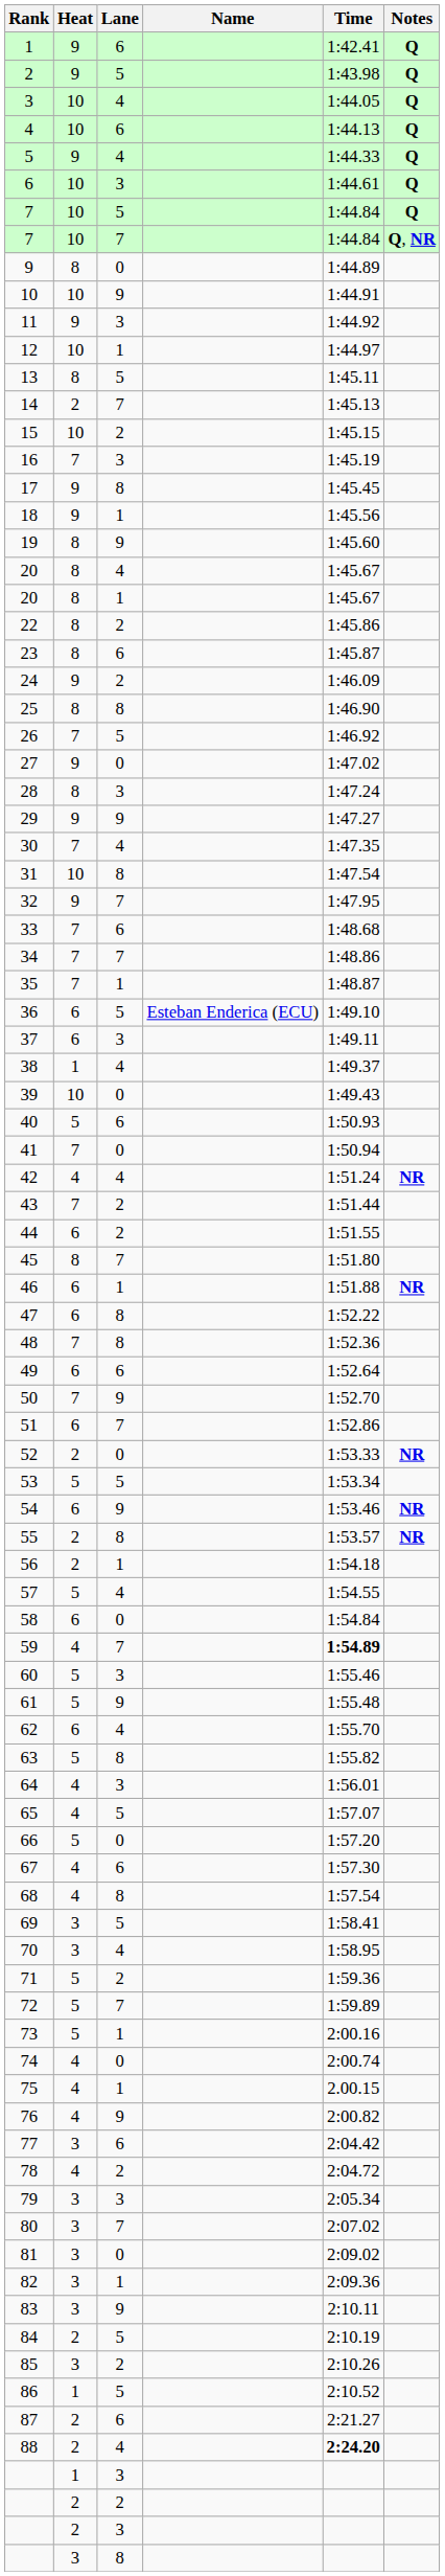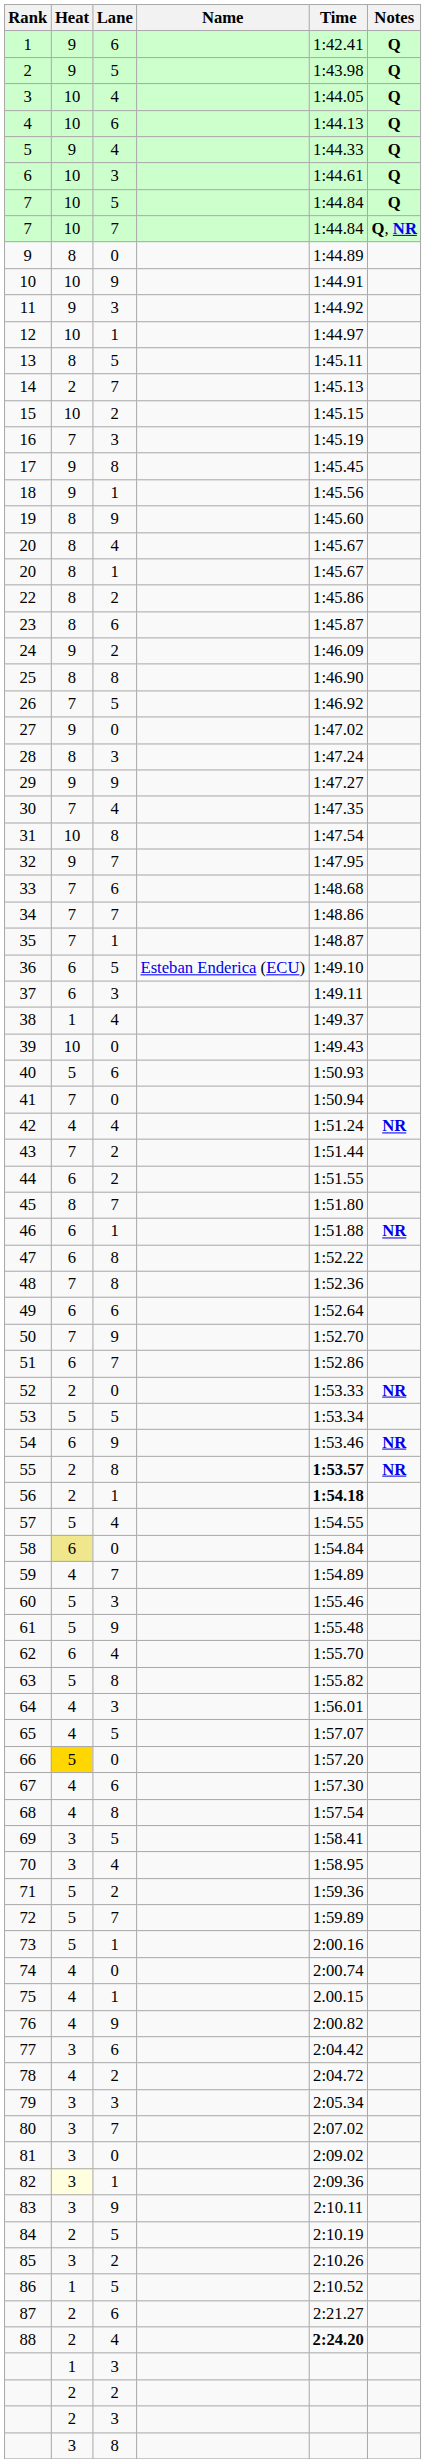 <table class="wikitable sortable" style="text-align:center">
 <tr>
 <th>Rank</th>
 <th>Heat</th>
 <th>Lane</th>
 <th>Name</th>
 <th>Time</th>
 <th>Notes</th>
 </tr>
 <tr bgcolor=ccffcc>
 <td>1</td>
 <td>9</td>
 <td>6</td>
 <td align=left></td>
 <td>1:42.41</td>
 <td><strong>Q</strong></td>
 </tr>
 <tr bgcolor=ccffcc>
 <td>2</td>
 <td>9</td>
 <td>5</td>
 <td align=left></td>
 <td>1:43.98</td>
 <td><strong>Q</strong></td>
 </tr>
 <tr bgcolor=ccffcc>
 <td>3</td>
 <td>10</td>
 <td>4</td>
 <td align=left></td>
 <td>1:44.05</td>
 <td><strong>Q</strong></td>
 </tr>
 <tr bgcolor=ccffcc>
 <td>4</td>
 <td>10</td>
 <td>6</td>
 <td align=left></td>
 <td>1:44.13</td>
 <td><strong>Q</strong></td>
 </tr>
 <tr bgcolor=ccffcc>
 <td>5</td>
 <td>9</td>
 <td>4</td>
 <td align=left></td>
 <td>1:44.33</td>
 <td><strong>Q</strong></td>
 </tr>
 <tr bgcolor=ccffcc>
 <td>6</td>
 <td>10</td>
 <td>3</td>
 <td align=left></td>
 <td>1:44.61</td>
 <td><strong>Q</strong></td>
 </tr>
 <tr bgcolor=ccffcc>
 <td>7</td>
 <td>10</td>
 <td>5</td>
 <td align=left></td>
 <td>1:44.84</td>
 <td><strong>Q</strong></td>
 </tr>
 <tr bgcolor=ccffcc>
 <td>7</td>
 <td>10</td>
 <td>7</td>
 <td align=left></td>
 <td>1:44.84</td>
 <td><strong>Q</strong>, <strong><a href='#'>NR</a></strong></td>
 </tr>
 <tr>
 <td>9</td>
 <td>8</td>
 <td>0</td>
 <td align=left></td>
 <td>1:44.89</td>
 <td></td>
 </tr>
 <tr>
 <td>10</td>
 <td>10</td>
 <td>9</td>
 <td align=left></td>
 <td>1:44.91</td>
 <td></td>
 </tr>
 <tr>
 <td>11</td>
 <td>9</td>
 <td>3</td>
 <td align=left></td>
 <td>1:44.92</td>
 <td></td>
 </tr>
 <tr>
 <td>12</td>
 <td>10</td>
 <td>1</td>
 <td align=left></td>
 <td>1:44.97</td>
 <td></td>
 </tr>
 <tr>
 <td>13</td>
 <td>8</td>
 <td>5</td>
 <td align=left></td>
 <td>1:45.11</td>
 <td></td>
 </tr>
 <tr>
 <td>14</td>
 <td>2</td>
 <td>7</td>
 <td align=left></td>
 <td>1:45.13</td>
 <td></td>
 </tr>
 <tr>
 <td>15</td>
 <td>10</td>
 <td>2</td>
 <td align=left></td>
 <td>1:45.15</td>
 <td></td>
 </tr>
 <tr>
 <td>16</td>
 <td>7</td>
 <td>3</td>
 <td align=left></td>
 <td>1:45.19</td>
 <td></td>
 </tr>
 <tr>
 <td>17</td>
 <td>9</td>
 <td>8</td>
 <td align=left></td>
 <td>1:45.45</td>
 <td></td>
 </tr>
 <tr>
 <td>18</td>
 <td>9</td>
 <td>1</td>
 <td align=left></td>
 <td>1:45.56</td>
 <td></td>
 </tr>
 <tr>
 <td>19</td>
 <td>8</td>
 <td>9</td>
 <td align=left></td>
 <td>1:45.60</td>
 <td></td>
 </tr>
 <tr>
 <td>20</td>
 <td>8</td>
 <td>4</td>
 <td align=left></td>
 <td>1:45.67</td>
 <td></td>
 </tr>
 <tr>
 <td>20</td>
 <td>8</td>
 <td>1</td>
 <td align=left></td>
 <td>1:45.67</td>
 <td></td>
 </tr>
 <tr>
 <td>22</td>
 <td>8</td>
 <td>2</td>
 <td align=left></td>
 <td>1:45.86</td>
 <td></td>
 </tr>
 <tr>
 <td>23</td>
 <td>8</td>
 <td>6</td>
 <td align=left></td>
 <td>1:45.87</td>
 <td></td>
 </tr>
 <tr>
 <td>24</td>
 <td>9</td>
 <td>2</td>
 <td align=left></td>
 <td>1:46.09</td>
 <td></td>
 </tr>
 <tr>
 <td>25</td>
 <td>8</td>
 <td>8</td>
 <td align=left></td>
 <td>1:46.90</td>
 <td></td>
 </tr>
 <tr>
 <td>26</td>
 <td>7</td>
 <td>5</td>
 <td align=left></td>
 <td>1:46.92</td>
 <td></td>
 </tr>
 <tr>
 <td>27</td>
 <td>9</td>
 <td>0</td>
 <td align=left></td>
 <td>1:47.02</td>
 <td></td>
 </tr>
 <tr>
 <td>28</td>
 <td>8</td>
 <td>3</td>
 <td align=left></td>
 <td>1:47.24</td>
 <td></td>
 </tr>
 <tr>
 <td>29</td>
 <td>9</td>
 <td>9</td>
 <td align=left></td>
 <td>1:47.27</td>
 <td></td>
 </tr>
 <tr>
 <td>30</td>
 <td>7</td>
 <td>4</td>
 <td align=left></td>
 <td>1:47.35</td>
 <td></td>
 </tr>
 <tr>
 <td>31</td>
 <td>10</td>
 <td>8</td>
 <td align=left></td>
 <td>1:47.54</td>
 <td></td>
 </tr>
 <tr>
 <td>32</td>
 <td>9</td>
 <td>7</td>
 <td align=left></td>
 <td>1:47.95</td>
 <td></td>
 </tr>
 <tr>
 <td>33</td>
 <td>7</td>
 <td>6</td>
 <td align=left></td>
 <td>1:48.68</td>
 <td></td>
 </tr>
 <tr>
 <td>34</td>
 <td>7</td>
 <td>7</td>
 <td align=left></td>
 <td>1:48.86</td>
 <td></td>
 </tr>
 <tr>
 <td>35</td>
 <td>7</td>
 <td>1</td>
 <td align=left></td>
 <td>1:48.87</td>
 <td></td>
 </tr>
 <tr>
 <td>36</td>
 <td>6</td>
 <td>5</td>
 <td align=left> <a href='#'>Esteban Enderica</a> (<a href='#'>ECU</a>)</td>
 <td>1:49.10</td>
 <td></td>
 </tr>
 <tr>
 <td>37</td>
 <td>6</td>
 <td>3</td>
 <td align=left></td>
 <td>1:49.11</td>
 <td></td>
 </tr>
 <tr>
 <td>38</td>
 <td>1</td>
 <td>4</td>
 <td align=left></td>
 <td>1:49.37</td>
 <td></td>
 </tr>
 <tr>
 <td>39</td>
 <td>10</td>
 <td>0</td>
 <td align=left></td>
 <td>1:49.43</td>
 <td></td>
 </tr>
 <tr>
 <td>40</td>
 <td>5</td>
 <td>6</td>
 <td align=left></td>
 <td>1:50.93</td>
 <td></td>
 </tr>
 <tr>
 <td>41</td>
 <td>7</td>
 <td>0</td>
 <td align=left></td>
 <td>1:50.94</td>
 <td></td>
 </tr>
 <tr>
 <td>42</td>
 <td>4</td>
 <td>4</td>
 <td align=left></td>
 <td>1:51.24</td>
 <td><strong><a href='#'>NR</a></strong></td>
 </tr>
 <tr>
 <td>43</td>
 <td>7</td>
 <td>2</td>
 <td align=left></td>
 <td>1:51.44</td>
 <td></td>
 </tr>
 <tr>
 <td>44</td>
 <td>6</td>
 <td>2</td>
 <td align=left></td>
 <td>1:51.55</td>
 <td></td>
 </tr>
 <tr>
 <td>45</td>
 <td>8</td>
 <td>7</td>
 <td align=left></td>
 <td>1:51.80</td>
 <td></td>
 </tr>
 <tr>
 <td>46</td>
 <td>6</td>
 <td>1</td>
 <td align=left></td>
 <td>1:51.88</td>
 <td><strong><a href='#'>NR</a></strong></td>
 </tr>
 <tr>
 <td>47</td>
 <td>6</td>
 <td>8</td>
 <td align=left></td>
 <td>1:52.22</td>
 <td></td>
 </tr>
 <tr>
 <td>48</td>
 <td>7</td>
 <td>8</td>
 <td align=left></td>
 <td>1:52.36</td>
 <td></td>
 </tr>
 <tr>
 <td>49</td>
 <td>6</td>
 <td>6</td>
 <td align=left></td>
 <td>1:52.64</td>
 <td></td>
 </tr>
 <tr>
 <td>50</td>
 <td>7</td>
 <td>9</td>
 <td align=left></td>
 <td>1:52.70</td>
 <td></td>
 </tr>
 <tr>
 <td>51</td>
 <td>6</td>
 <td>7</td>
 <td align=left></td>
 <td>1:52.86</td>
 <td></td>
 </tr>
 <tr>
 <td>52</td>
 <td>2</td>
 <td>0</td>
 <td align=left></td>
 <td>1:53.33</td>
 <td><strong><a href='#'>NR</a></strong></td>
 </tr>
 <tr>
 <td>53</td>
 <td>5</td>
 <td>5</td>
 <td align=left></td>
 <td>1:53.34</td>
 <td></td>
 </tr>
 <tr>
 <td>54</td>
 <td>6</td>
 <td>9</td>
 <td align=left></td>
 <td>1:53.46</td>
 <td><strong><a href='#'>NR</a></strong></td>
 </tr>
 <tr>
 <td>55</td>
 <td>2</td>
 <td>8</td>
 <td align=left></td>
-<td>1:53.57</td>
+<td><strong>1:53.57</strong></td>
 <td><strong><a href='#'>NR</a></strong></td>
 </tr>
 <tr>
 <td>56</td>
 <td>2</td>
 <td>1</td>
 <td align=left></td>
-<td>1:54.18</td>
+<td><strong>1:54.18</strong></td>
 <td></td>
 </tr>
 <tr>
 <td>57</td>
 <td>5</td>
 <td>4</td>
 <td align=left></td>
 <td>1:54.55</td>
 <td></td>
 </tr>
 <tr>
 <td>58</td>
-<td>6</td>
+<td style="background: khaki;">6</td>
 <td>0</td>
 <td align=left></td>
 <td>1:54.84</td>
 <td></td>
 </tr>
 <tr>
 <td>59</td>
 <td>4</td>
 <td>7</td>
 <td align=left></td>
-<td><strong>1:54.89</strong></td>
+<td>1:54.89</td>
 <td></td>
 </tr>
 <tr>
 <td>60</td>
 <td>5</td>
 <td>3</td>
 <td align=left></td>
 <td>1:55.46</td>
 <td></td>
 </tr>
 <tr>
 <td>61</td>
 <td>5</td>
 <td>9</td>
 <td align=left></td>
 <td>1:55.48</td>
 <td></td>
 </tr>
 <tr>
 <td>62</td>
 <td>6</td>
 <td>4</td>
 <td align=left></td>
 <td>1:55.70</td>
 <td></td>
 </tr>
 <tr>
 <td>63</td>
 <td>5</td>
 <td>8</td>
 <td align=left></td>
 <td>1:55.82</td>
 <td></td>
 </tr>
 <tr>
 <td>64</td>
 <td>4</td>
 <td>3</td>
 <td align=left></td>
 <td>1:56.01</td>
 <td></td>
 </tr>
 <tr>
 <td>65</td>
 <td>4</td>
 <td>5</td>
 <td align=left></td>
 <td>1:57.07</td>
 <td></td>
 </tr>
 <tr>
 <td>66</td>
-<td>5</td>
+<td style="background: gold;">5</td>
 <td>0</td>
 <td align=left></td>
 <td>1:57.20</td>
 <td></td>
 </tr>
 <tr>
 <td>67</td>
 <td>4</td>
 <td>6</td>
 <td align=left></td>
 <td>1:57.30</td>
 <td></td>
 </tr>
 <tr>
 <td>68</td>
 <td>4</td>
 <td>8</td>
 <td align=left></td>
 <td>1:57.54</td>
 <td></td>
 </tr>
 <tr>
 <td>69</td>
 <td>3</td>
 <td>5</td>
 <td align=left></td>
 <td>1:58.41</td>
 <td></td>
 </tr>
 <tr>
 <td>70</td>
 <td>3</td>
 <td>4</td>
 <td align=left></td>
 <td>1:58.95</td>
 <td></td>
 </tr>
 <tr>
 <td>71</td>
 <td>5</td>
 <td>2</td>
 <td align=left></td>
 <td>1:59.36</td>
 <td></td>
 </tr>
 <tr>
 <td>72</td>
 <td>5</td>
 <td>7</td>
 <td align=left></td>
 <td>1:59.89</td>
 <td></td>
 </tr>
 <tr>
 <td>73</td>
 <td>5</td>
 <td>1</td>
 <td align=left></td>
 <td>2:00.16</td>
 <td></td>
 </tr>
 <tr>
 <td>74</td>
 <td>4</td>
 <td>0</td>
 <td align=left></td>
 <td>2:00.74</td>
 <td></td>
 </tr>
 <tr>
 <td>75</td>
 <td>4</td>
 <td>1</td>
 <td align=left></td>
 <td>2.00.15</td>
 <td></td>
 </tr>
 <tr>
 <td>76</td>
 <td>4</td>
 <td>9</td>
 <td align=left></td>
 <td>2:00.82</td>
 <td></td>
 </tr>
 <tr>
 <td>77</td>
 <td>3</td>
 <td>6</td>
 <td align=left></td>
 <td>2:04.42</td>
 <td></td>
 </tr>
 <tr>
 <td>78</td>
 <td>4</td>
 <td>2</td>
 <td align=left></td>
 <td>2:04.72</td>
 <td></td>
 </tr>
 <tr>
 <td>79</td>
 <td>3</td>
 <td>3</td>
 <td align=left></td>
 <td>2:05.34</td>
 <td></td>
 </tr>
 <tr>
 <td>80</td>
 <td>3</td>
 <td>7</td>
 <td align=left></td>
 <td>2:07.02</td>
 <td></td>
 </tr>
 <tr>
 <td>81</td>
 <td>3</td>
 <td>0</td>
 <td align=left></td>
 <td>2:09.02</td>
 <td></td>
 </tr>
 <tr>
 <td>82</td>
-<td>3</td>
+<td style="background: lightyellow;">3</td>
 <td>1</td>
 <td align=left></td>
 <td>2:09.36</td>
 <td></td>
 </tr>
 <tr>
 <td>83</td>
 <td>3</td>
 <td>9</td>
 <td align=left></td>
 <td>2:10.11</td>
 <td></td>
 </tr>
 <tr>
 <td>84</td>
 <td>2</td>
 <td>5</td>
 <td align=left></td>
 <td>2:10.19</td>
 <td></td>
 </tr>
 <tr>
 <td>85</td>
 <td>3</td>
 <td>2</td>
 <td align=left></td>
 <td>2:10.26</td>
 <td></td>
 </tr>
 <tr>
 <td>86</td>
 <td>1</td>
 <td>5</td>
 <td align=left></td>
 <td>2:10.52</td>
 <td></td>
 </tr>
 <tr>
 <td>87</td>
 <td>2</td>
 <td>6</td>
 <td align=left></td>
 <td>2:21.27</td>
 <td></td>
 </tr>
 <tr>
 <td>88</td>
 <td>2</td>
 <td>4</td>
 <td align=left></td>
 <td><strong>2:24.20</strong></td>
 <td></td>
 </tr>
 <tr>
 <td></td>
 <td>1</td>
 <td>3</td>
 <td align=left></td>
 <td></td>
 <td></td>
 </tr>
 <tr>
 <td></td>
 <td>2</td>
 <td>2</td>
 <td align=left></td>
 <td></td>
 <td></td>
 </tr>
 <tr>
 <td></td>
 <td>2</td>
 <td>3</td>
 <td align=left></td>
 <td></td>
 <td></td>
 </tr>
 <tr>
 <td></td>
 <td>3</td>
 <td>8</td>
 <td align=left></td>
 <td></td>
 <td></td>
 </tr>
 </table>
